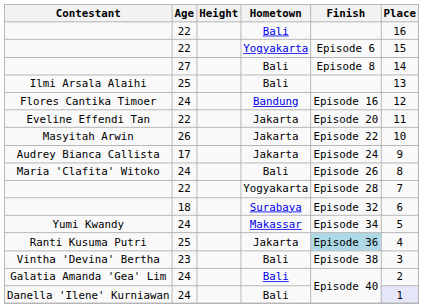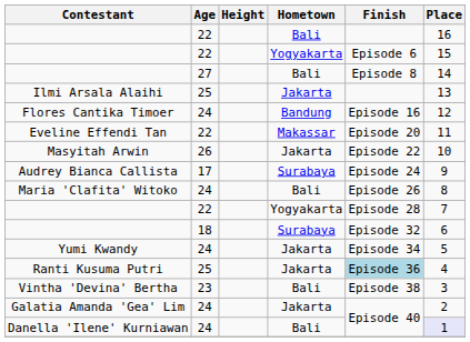 <table class="wikitable sortable" style="text-align:center;">
 <tr>
 <th>Contestant</th>
 <th>Age</th>
 <th>Height</th>
 <th>Hometown</th>
 <th>Finish</th>
 <th>Place</th>
 </tr>
 <tr>
 <td></td>
 <td>22</td>
 <td></td>
 <td><a href='#'>Bali</a></td>
 <td></td>
 <td>16</td>
 </tr>
 <tr>
 <td></td>
 <td>22</td>
 <td></td>
 <td><a href='#'>Yogyakarta</a></td>
 <td>Episode 6</td>
 <td>15</td>
 </tr>
 <tr>
 <td></td>
 <td>27</td>
 <td></td>
 <td>Bali</td>
 <td>Episode 8</td>
 <td>14</td>
 </tr>
 <tr>
 <td>Ilmi Arsala Alaihi</td>
 <td>25</td>
 <td></td>
-<td>Bali</td>
+<td><a href='#'>Jakarta</a></td>
 <td></td>
 <td>13</td>
 </tr>
 <tr>
 <td>Flores Cantika Timoer</td>
 <td>24</td>
 <td></td>
 <td><a href='#'>Bandung</a></td>
 <td>Episode 16</td>
 <td>12</td>
 </tr>
 <tr>
 <td>Eveline Effendi Tan</td>
 <td>22</td>
 <td></td>
-<td>Jakarta</td>
+<td><a href='#'>Makassar</a></td>
 <td>Episode 20</td>
 <td>11</td>
 </tr>
 <tr>
 <td>Masyitah Arwin</td>
 <td>26</td>
 <td></td>
 <td>Jakarta</td>
 <td>Episode 22</td>
 <td>10</td>
 </tr>
 <tr>
 <td>Audrey Bianca Callista</td>
 <td>17</td>
 <td></td>
-<td>Jakarta</td>
+<td><a href='#'>Surabaya</a></td>
 <td>Episode 24</td>
 <td>9</td>
 </tr>
 <tr>
 <td>Maria 'Clafita' Witoko</td>
 <td>24</td>
 <td></td>
 <td>Bali</td>
 <td>Episode 26</td>
 <td>8</td>
 </tr>
 <tr>
 <td></td>
 <td>22</td>
 <td></td>
 <td>Yogyakarta</td>
 <td>Episode 28</td>
 <td>7</td>
 </tr>
 <tr>
 <td></td>
 <td>18</td>
 <td></td>
 <td><a href='#'>Surabaya</a></td>
 <td>Episode 32</td>
 <td>6</td>
 </tr>
 <tr>
 <td>Yumi Kwandy</td>
 <td>24</td>
 <td></td>
-<td><a href='#'>Makassar</a></td>
+<td>Jakarta</td>
 <td>Episode 34</td>
 <td>5</td>
 </tr>
 <tr>
 <td>Ranti Kusuma Putri</td>
 <td>25</td>
 <td></td>
 <td>Jakarta</td>
 <td style="background: lightblue;">Episode 36</td>
 <td>4</td>
 </tr>
 <tr>
 <td>Vintha 'Devina' Bertha</td>
 <td>23</td>
 <td></td>
 <td>Bali</td>
 <td>Episode 38</td>
 <td>3</td>
 </tr>
 <tr>
 <td>Galatia Amanda 'Gea' Lim</td>
 <td>24</td>
 <td></td>
-<td><a href='#'>Bali</a></td>
+<td>Jakarta</td>
 <td rowspan="2">Episode 40</td>
 <td>2</td>
 </tr>
 <tr>
 <td>Danella 'Ilene' Kurniawan</td>
 <td>24</td>
 <td></td>
 <td>Bali</td>
 <td style="background: lavender;">1</td>
 </tr>
 <tr>
 </tr>
 </table>
